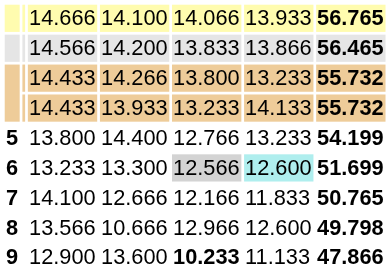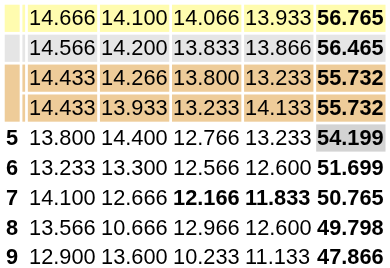 <table>
 <tr style="background:#fffcaf;">
 <th scope=row style="text-align:center"></th>
 <td align=left></td>
 <td>14.666</td>
 <td>14.100</td>
 <td>14.066</td>
 <td>13.933</td>
 <td><strong>56.765</strong></td>
 </tr>
 <tr style="background:#e5e5e5;">
 <th scope=row style="text-align:center"></th>
 <td align=left></td>
 <td>14.566</td>
 <td>14.200</td>
 <td>13.833</td>
 <td>13.866</td>
 <td><strong>56.465</strong></td>
 </tr>
 <tr style="background:#ec9;">
 <th rowspan="2" scope=row style="text-align:center"></th>
 <td align=left></td>
 <td>14.433</td>
 <td>14.266</td>
 <td>13.800</td>
 <td>13.233</td>
 <td><strong>55.732</strong></td>
 </tr>
 <tr style="background:#ec9;">
 <td align=left></td>
 <td>14.433</td>
 <td>13.933</td>
 <td>13.233</td>
 <td>14.133</td>
 <td><strong>55.732</strong></td>
 </tr>
 <tr>
 <th scope=row style="text-align:center">5</th>
 <td align=left></td>
 <td>13.800</td>
 <td>14.400</td>
 <td>12.766</td>
 <td>13.233</td>
-<td><strong>54.199</strong></td>
+<td style="background: lightgrey;"><strong>54.199</strong></td>
 </tr>
 <tr>
 <th scope=row style="text-align:center">6</th>
 <td align=left></td>
 <td>13.233</td>
 <td>13.300</td>
-<td style="background: lightgrey;">12.566</td>
-<td style="background: paleturquoise;">12.600</td>
+<td>12.566</td>
+<td>12.600</td>
 <td><strong>51.699</strong></td>
 </tr>
 <tr>
 <th scope=row style="text-align:center">7</th>
 <td align=left></td>
 <td>14.100</td>
 <td>12.666</td>
-<td>12.166</td>
-<td>11.833</td>
+<td><strong>12.166</strong></td>
+<td><strong>11.833</strong></td>
 <td><strong>50.765</strong></td>
 </tr>
 <tr>
 <th scope=row style="text-align:center">8</th>
 <td align=left></td>
 <td>13.566</td>
 <td>10.666</td>
 <td>12.966</td>
 <td>12.600</td>
 <td><strong>49.798</strong></td>
 </tr>
 <tr>
 <th scope=row style="text-align:center">9</th>
 <td align=left></td>
 <td>12.900</td>
 <td>13.600</td>
-<td><strong>10.233</strong></td>
+<td>10.233</td>
 <td>11.133</td>
 <td><strong>47.866</strong></td>
 </tr>
 </table>
